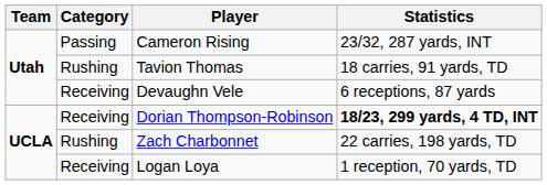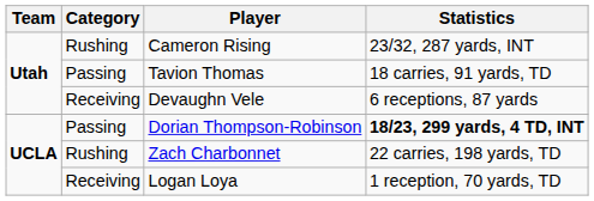 <table class="wikitable" style="float: right;">
 <tr>
 <th>Team</th>
 <th>Category</th>
 <th>Player</th>
 <th>Statistics</th>
 </tr>
 <tr>
 <td rowspan=3><strong>Utah</strong></td>
-<td>Passing</td>
+<td>Rushing</td>
 <td>Cameron Rising</td>
 <td>23/32, 287 yards, INT</td>
 </tr>
 <tr>
-<td>Rushing</td>
+<td>Passing</td>
 <td>Tavion Thomas</td>
 <td>18 carries, 91 yards, TD</td>
 </tr>
 <tr>
 <td>Receiving</td>
 <td>Devaughn Vele</td>
 <td>6 receptions, 87 yards</td>
 </tr>
 <tr>
 <td rowspan=3><strong>UCLA</strong></td>
-<td>Receiving</td>
+<td>Passing</td>
 <td><a href='#'>Dorian Thompson-Robinson</a></td>
 <td><strong>18/23, 299 yards, 4 TD, INT</strong></td>
 </tr>
 <tr>
 <td>Rushing</td>
 <td><a href='#'>Zach Charbonnet</a></td>
 <td>22 carries, 198 yards, TD</td>
 </tr>
 <tr>
 <td>Receiving</td>
 <td>Logan Loya</td>
 <td>1 reception, 70 yards, TD</td>
 </tr>
 </table>
